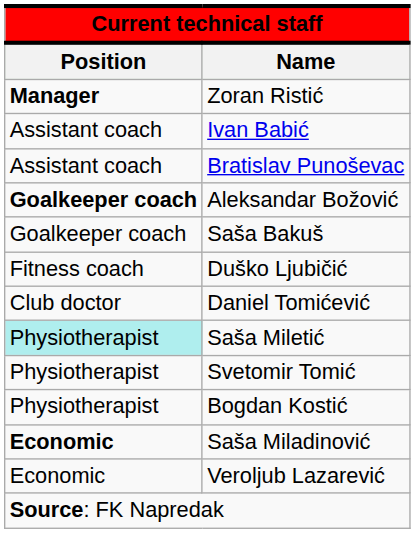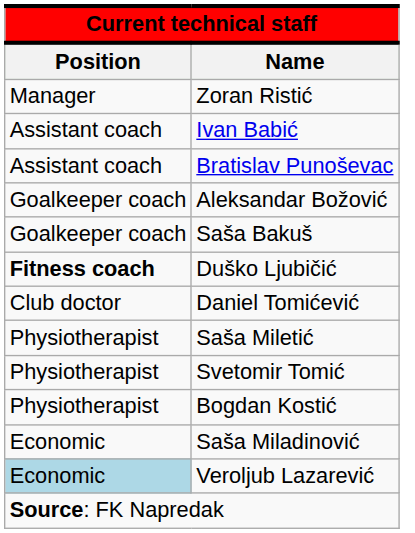 <table class="wikitable">
 <tr style="text-align:center;background:#FF0000; color:black; border-top:black 3px solid; border-bottom:black 3px solid;">
 <td COLSPAN="14"><span><strong>Current technical staff</strong></span></td>
 </tr>
 <tr style="text-align:center; background:#ddffdd;">
 <th>Position</th>
 <th>Name</th>
 </tr>
 <tr>
-<td><strong>Manager</strong></td>
+<td>Manager</td>
 <td> Zoran Ristić</td>
 </tr>
 <tr>
 <td>Assistant coach</td>
 <td> <a href='#'>Ivan Babić</a></td>
 </tr>
 <tr>
 <td>Assistant coach</td>
 <td> <a href='#'>Bratislav Punoševac</a></td>
 </tr>
 <tr>
-<td><strong>Goalkeeper coach</strong></td>
+<td>Goalkeeper coach</td>
 <td> Aleksandar Božović</td>
 </tr>
 <tr>
 <td>Goalkeeper coach</td>
 <td> Saša Bakuš</td>
 </tr>
 <tr>
-<td>Fitness coach</td>
+<td><strong>Fitness coach</strong></td>
 <td> Duško Ljubičić</td>
 </tr>
 <tr>
 <td>Club doctor</td>
 <td> Daniel Tomićević</td>
 </tr>
 <tr>
-<td style="background: paleturquoise;">Physiotherapist</td>
+<td>Physiotherapist</td>
 <td> Saša Miletić</td>
 </tr>
 <tr>
 <td>Physiotherapist</td>
 <td> Svetomir Tomić</td>
 </tr>
 <tr>
 <td>Physiotherapist</td>
 <td> Bogdan Kostić</td>
 </tr>
 <tr>
-<td><strong>Economic</strong></td>
+<td>Economic</td>
 <td> Saša Miladinović</td>
 </tr>
 <tr>
-<td>Economic</td>
+<td style="background: lightblue;">Economic</td>
 <td> Veroljub Lazarević</td>
 </tr>
 <tr>
 <td colspan="2"><strong>Source</strong>: FK Napredak </td>
 </tr>
 </table>
